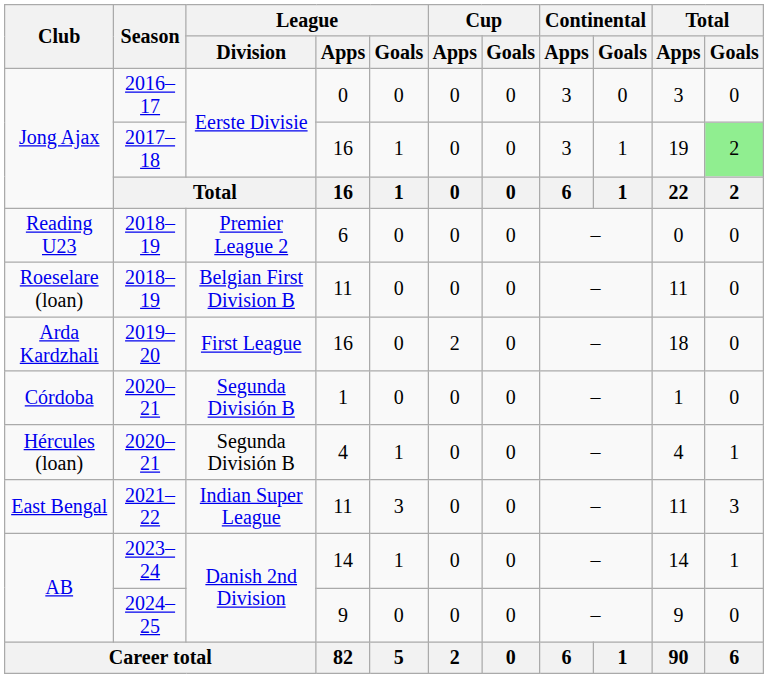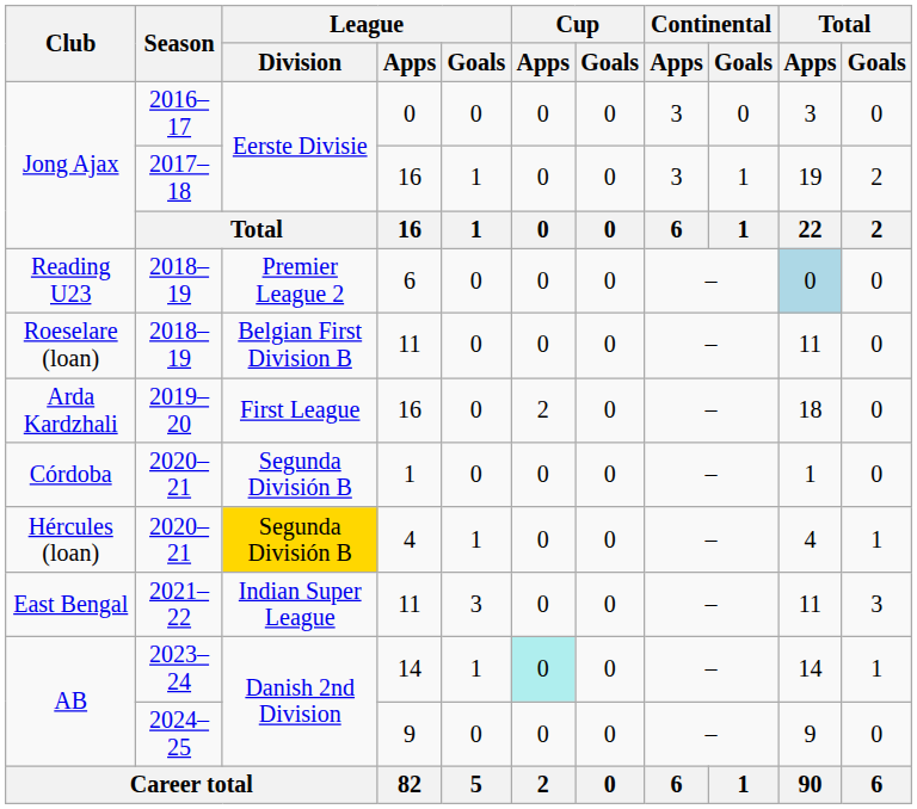 <table class="wikitable" style="text-align:center">
 <tr>
 <th rowspan="2">Club</th>
 <th rowspan="2">Season</th>
 <th colspan="3">League</th>
 <th colspan="2">Cup</th>
 <th colspan="2">Continental</th>
 <th colspan="2">Total</th>
 </tr>
 <tr>
 <th>Division</th>
 <th>Apps</th>
 <th>Goals</th>
 <th>Apps</th>
 <th>Goals</th>
 <th>Apps</th>
 <th>Goals</th>
 <th>Apps</th>
 <th>Goals</th>
 </tr>
 <tr>
 <td rowspan="3"><a href='#'>Jong Ajax</a></td>
 <td><a href='#'>2016–17</a></td>
 <td rowspan="2"><a href='#'>Eerste Divisie</a></td>
 <td>0</td>
 <td>0</td>
 <td>0</td>
 <td>0</td>
 <td>3</td>
 <td>0</td>
 <td>3</td>
 <td>0</td>
 </tr>
 <tr>
 <td><a href='#'>2017–18</a></td>
 <td>16</td>
 <td>1</td>
 <td>0</td>
 <td>0</td>
 <td>3</td>
 <td>1</td>
 <td>19</td>
-<td style="background: lightgreen;">2</td>
+<td>2</td>
 </tr>
 <tr>
 <th colspan="2">Total</th>
 <th>16</th>
 <th>1</th>
 <th>0</th>
 <th>0</th>
 <th>6</th>
 <th>1</th>
 <th>22</th>
 <th>2</th>
 </tr>
 <tr>
 <td><a href='#'>Reading U23</a></td>
 <td><a href='#'>2018–19</a></td>
 <td><a href='#'>Premier League 2</a></td>
 <td>6</td>
 <td>0</td>
 <td>0</td>
 <td>0</td>
 <td colspan="2">–</td>
-<td>0</td>
+<td style="background: lightblue;">0</td>
 <td>0</td>
 </tr>
 <tr>
 <td><a href='#'>Roeselare</a> (loan)</td>
 <td><a href='#'>2018–19</a></td>
 <td><a href='#'>Belgian First Division B</a></td>
 <td>11</td>
 <td>0</td>
 <td>0</td>
 <td>0</td>
 <td colspan="2">–</td>
 <td>11</td>
 <td>0</td>
 </tr>
 <tr>
 <td><a href='#'>Arda Kardzhali</a></td>
 <td><a href='#'>2019–20</a></td>
 <td><a href='#'>First League</a></td>
 <td>16</td>
 <td>0</td>
 <td>2</td>
 <td>0</td>
 <td colspan="2">–</td>
 <td>18</td>
 <td>0</td>
 </tr>
 <tr>
 <td><a href='#'>Córdoba</a></td>
 <td><a href='#'>2020–21</a></td>
 <td><a href='#'>Segunda División B</a></td>
 <td>1</td>
 <td>0</td>
 <td>0</td>
 <td>0</td>
 <td colspan="2">–</td>
 <td>1</td>
 <td>0</td>
 </tr>
 <tr>
 <td><a href='#'>Hércules</a> (loan)</td>
 <td><a href='#'>2020–21</a></td>
-<td>Segunda División B</td>
+<td style="background: gold;">Segunda División B</td>
 <td>4</td>
 <td>1</td>
 <td>0</td>
 <td>0</td>
 <td colspan="2">–</td>
 <td>4</td>
 <td>1</td>
 </tr>
 <tr>
 <td><a href='#'>East Bengal</a></td>
 <td><a href='#'>2021–22</a></td>
 <td><a href='#'>Indian Super League</a></td>
 <td>11</td>
 <td>3</td>
 <td>0</td>
 <td>0</td>
 <td colspan="2">–</td>
 <td>11</td>
 <td>3</td>
 </tr>
 <tr>
 <td rowspan="2"><a href='#'>AB</a></td>
 <td><a href='#'>2023–24</a></td>
 <td rowspan="2"><a href='#'>Danish 2nd Division</a></td>
 <td>14</td>
 <td>1</td>
-<td>0</td>
+<td style="background: paleturquoise;">0</td>
 <td>0</td>
 <td colspan="2">–</td>
 <td>14</td>
 <td>1</td>
 </tr>
 <tr>
 <td><a href='#'>2024–25</a></td>
 <td>9</td>
 <td>0</td>
 <td>0</td>
 <td>0</td>
 <td colspan="2">–</td>
 <td>9</td>
 <td>0</td>
 </tr>
 <tr>
 <th colspan="3">Career total</th>
 <th>82</th>
 <th>5</th>
 <th>2</th>
 <th>0</th>
 <th>6</th>
 <th>1</th>
 <th>90</th>
 <th>6</th>
 </tr>
 </table>
